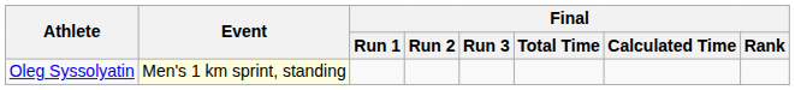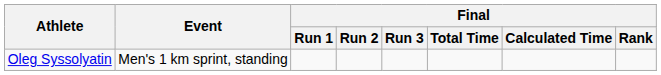 <table class="wikitable" style="font-size:90%">
 <tr>
 <th rowspan="2">Athlete</th>
 <th rowspan="2">Event</th>
 <th colspan="6">Final</th>
 </tr>
 <tr>
 <th>Run 1</th>
 <th>Run 2</th>
 <th>Run 3</th>
 <th>Total Time</th>
 <th>Calculated Time</th>
 <th>Rank</th>
 </tr>
 <tr>
 <td><a href='#'>Oleg Syssolyatin</a></td>
-<td style="background: lightyellow;">Men's 1 km sprint, standing</td>
+<td>Men's 1 km sprint, standing</td>
 <td align="center"></td>
 <td align="center"></td>
 <td align="center"></td>
 <td align="center"></td>
 <td align="center"></td>
 <td align="center"></td>
 </tr>
 </table>
